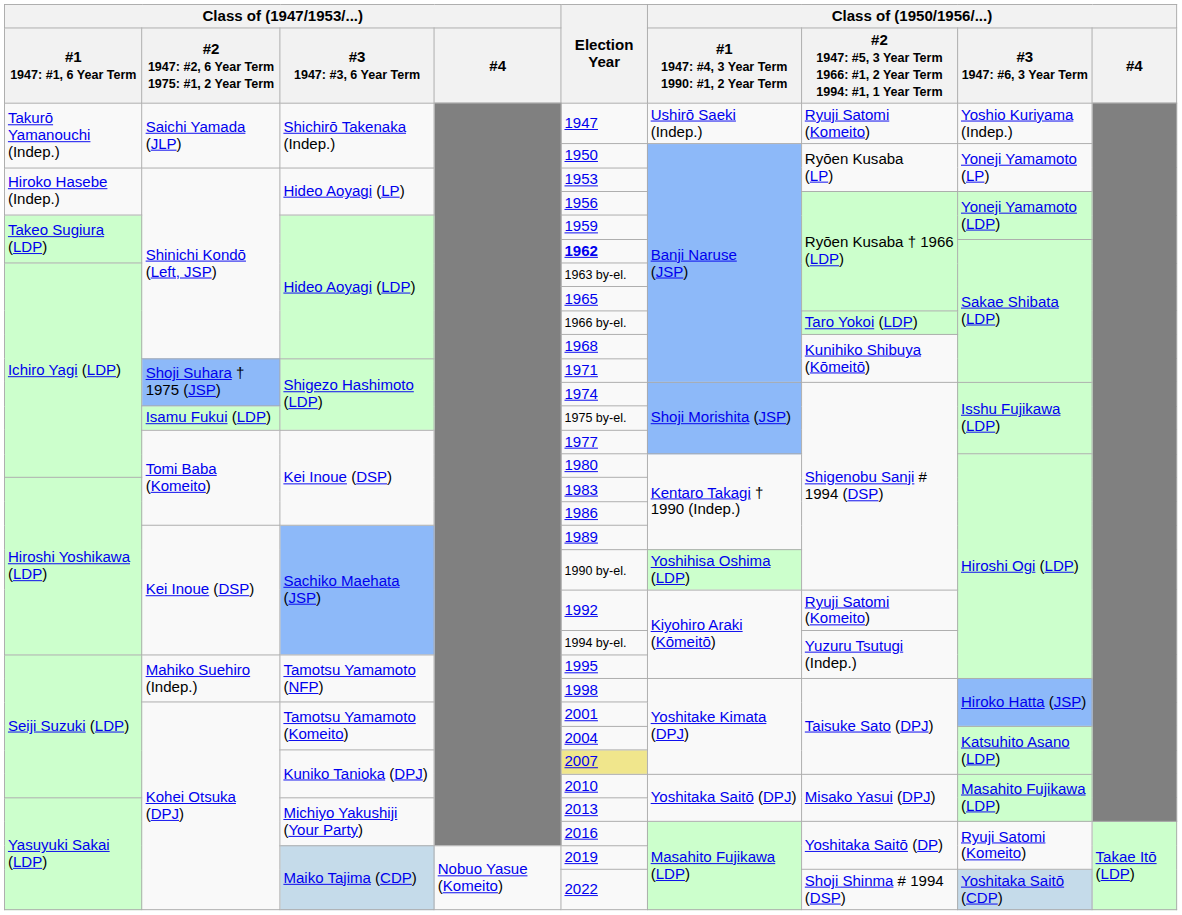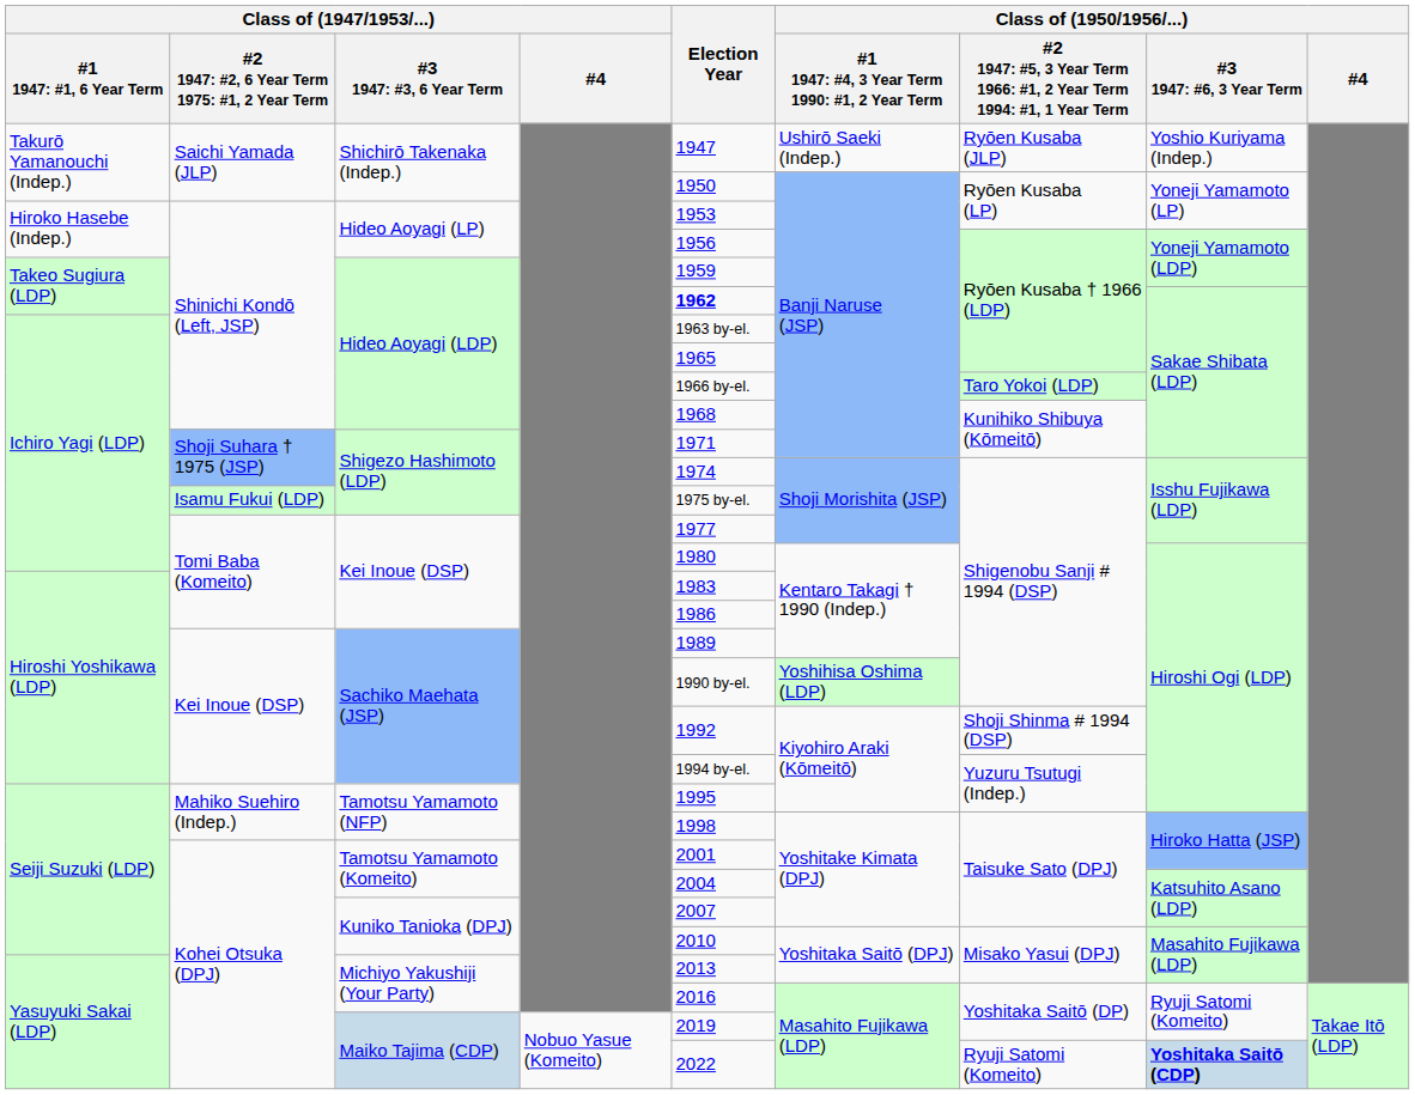 <table class="wikitable">
 <tr>
 <th colspan="4">Class of (1947/1953/...)</th>
 <th rowspan="2">Election Year</th>
 <th colspan="4">Class of (1950/1956/...)</th>
 </tr>
 <tr>
 <th>#1<br><small>1947: #1, 6 Year Term</small></th>
 <th>#2<br><small>1947: #2, 6 Year Term</small><br><small>1975: #1, 2 Year Term</small></th>
 <th>#3<br><small>1947: #3, 6 Year Term</small></th>
 <th>#4</th>
 <th>#1<br><small>1947: #4, 3 Year Term</small><br><small>1990: #1, 2 Year Term</small></th>
 <th>#2<br><small>1947: #5, 3 Year Term</small><br><small>1966: #1, 2 Year Term</small><br><small>1994: #1, 1 Year Term</small></th>
 <th>#3<br><small>1947: #6, 3 Year Term</small></th>
 <th>#4</th>
 </tr>
 <tr>
 <td rowspan="2"><a href='#'>Takurō Yamanouchi</a><br>(Indep.)</td>
 <td rowspan="2"><a href='#'>Saichi Yamada</a><br>(<a href='#'>JLP</a>)</td>
 <td rowspan="2"><a href='#'>Shichirō Takenaka</a><br>(Indep.)</td>
 <td rowspan="29" bgcolor="grey"></td>
 <td><a href='#'>1947</a></td>
 <td><a href='#'>Ushirō Saeki</a><br>(Indep.)</td>
-<td><a href='#'>Ryuji Satomi</a> (<a href='#'>Komeito</a>)</td>
+<td><a href='#'>Ryōen Kusaba</a><br>(<a href='#'>JLP</a>)</td>
 <td><a href='#'>Yoshio Kuriyama</a><br>(Indep.)</td>
 <td rowspan="28" bgcolor="grey"></td>
 </tr>
 <tr>
 <td><a href='#'>1950</a></td>
 <td rowspan="10" bgcolor="#8db9f9"><a href='#'>Banji Naruse</a><br>(<a href='#'>JSP</a>)</td>
 <td rowspan="2">Ryōen Kusaba<br>(<a href='#'>LP</a>)</td>
 <td rowspan="2"><a href='#'>Yoneji Yamamoto</a><br>(<a href='#'>LP</a>)</td>
 </tr>
 <tr>
 <td rowspan="2"><a href='#'>Hiroko Hasebe</a> (Indep.)</td>
 <td rowspan="8"><a href='#'>Shinichi Kondō</a><br>(<a href='#'>Left, JSP</a>)</td>
 <td rowspan="2"><a href='#'>Hideo Aoyagi</a> (<a href='#'>LP</a>)</td>
 <td><a href='#'>1953</a></td>
 </tr>
 <tr>
 <td><a href='#'>1956</a></td>
 <td rowspan="5" bgcolor="#ccffcc">Ryōen Kusaba † 1966<br>(<a href='#'>LDP</a>)</td>
 <td rowspan="2" bgcolor="#ccffcc"><a href='#'>Yoneji Yamamoto</a><br>(<a href='#'>LDP</a>)</td>
 </tr>
 <tr>
 <td rowspan="2" bgcolor="#ccffcc"><a href='#'>Takeo Sugiura</a> (<a href='#'>LDP</a>)</td>
 <td rowspan="6" bgcolor="#ccffcc"><a href='#'>Hideo Aoyagi</a> (<a href='#'>LDP</a>)</td>
 <td><a href='#'>1959</a></td>
 </tr>
 <tr>
 <td><strong><a href='#'>1962</a></strong></td>
 <td rowspan="6" bgcolor="#ccffcc"><a href='#'>Sakae Shibata</a> (<a href='#'>LDP</a>)</td>
 </tr>
 <tr>
 <td rowspan="9" bgcolor="#ccffcc"><a href='#'>Ichiro Yagi</a> (<a href='#'>LDP</a>)</td>
 <td><small>1963 by-el.</small></td>
 </tr>
 <tr>
 <td><a href='#'>1965</a></td>
 </tr>
 <tr>
 <td><small>1966 by-el.</small></td>
 <td bgcolor="#ccffcc"><a href='#'>Taro Yokoi</a> (<a href='#'>LDP</a>)</td>
 </tr>
 <tr>
 <td><a href='#'>1968</a></td>
 <td rowspan="2"><a href='#'>Kunihiko Shibuya</a> (<a href='#'>Kōmeitō</a>)</td>
 </tr>
 <tr>
 <td rowspan="2" bgcolor="#8db9f9"><a href='#'>Shoji Suhara</a> † 1975 (<a href='#'>JSP</a>)</td>
 <td rowspan="3" bgcolor="#ccffcc"><a href='#'>Shigezo Hashimoto</a> (<a href='#'>LDP</a>)</td>
 <td><a href='#'>1971</a></td>
 </tr>
 <tr>
 <td><a href='#'>1974</a></td>
 <td rowspan="3" bgcolor="#8db9f9"><a href='#'>Shoji Morishita</a> (<a href='#'>JSP</a>)</td>
 <td rowspan="8"><a href='#'>Shigenobu Sanji</a> # 1994 (<a href='#'>DSP</a>)</td>
 <td rowspan="3" bgcolor="#ccffcc"><a href='#'>Isshu Fujikawa</a> (<a href='#'>LDP</a>)</td>
 </tr>
 <tr>
 <td bgcolor="#ccffcc"><a href='#'>Isamu Fukui</a> (<a href='#'>LDP</a>)</td>
 <td><small>1975 by-el.</small></td>
 </tr>
 <tr>
 <td rowspan="4"><a href='#'>Tomi Baba</a> (<a href='#'>Komeito</a>)</td>
 <td rowspan="4"><a href='#'>Kei Inoue</a> (<a href='#'>DSP</a>)</td>
 <td><a href='#'>1977</a></td>
 </tr>
 <tr>
 <td><a href='#'>1980</a></td>
 <td rowspan="4"><a href='#'>Kentaro Takagi</a> † 1990 (Indep.)</td>
 <td rowspan="8" bgcolor="#ccffcc"><a href='#'>Hiroshi Ogi</a>  (<a href='#'>LDP</a>)</td>
 </tr>
 <tr>
 <td rowspan="6" bgcolor="#ccffcc"><a href='#'>Hiroshi Yoshikawa</a> (<a href='#'>LDP</a>)</td>
 <td><a href='#'>1983</a></td>
 </tr>
 <tr>
 <td><a href='#'>1986</a></td>
 </tr>
 <tr>
 <td rowspan="4"><a href='#'>Kei Inoue</a> (<a href='#'>DSP</a>)</td>
 <td rowspan="4" bgcolor="#8db9f9"><a href='#'>Sachiko Maehata</a> (<a href='#'>JSP</a>)</td>
 <td><a href='#'>1989</a></td>
 </tr>
 <tr>
 <td><small>1990 by-el.</small></td>
 <td bgcolor="#ccffcc"><a href='#'>Yoshihisa Oshima</a> (<a href='#'>LDP</a>)</td>
 </tr>
 <tr>
 <td><a href='#'>1992</a></td>
 <td rowspan="3"><a href='#'>Kiyohiro Araki</a> (<a href='#'>Kōmeitō</a>)</td>
-<td><a href='#'>Ryuji Satomi</a> (<a href='#'>Komeito</a>)</td>
+<td><a href='#'>Shoji Shinma</a> # 1994 (<a href='#'>DSP</a>)</td>
 </tr>
 <tr>
 <td><small>1994 by-el.</small></td>
 <td rowspan="2"><a href='#'>Yuzuru Tsutugi</a> (Indep.)</td>
 </tr>
 <tr>
 <td rowspan="6" bgcolor="#ccffcc"><a href='#'>Seiji Suzuki</a> (<a href='#'>LDP</a>)</td>
 <td rowspan="2"><a href='#'>Mahiko Suehiro</a> (Indep.)</td>
 <td rowspan="2"><a href='#'>Tamotsu Yamamoto</a> (<a href='#'>NFP</a>)</td>
 <td><a href='#'>1995</a></td>
 </tr>
 <tr>
 <td><a href='#'>1998</a></td>
 <td rowspan="4"><a href='#'>Yoshitake Kimata</a> (<a href='#'>DPJ</a>)</td>
 <td rowspan="4"><a href='#'>Taisuke Sato</a> (<a href='#'>DPJ</a>)</td>
 <td rowspan="2" bgcolor="#8db9f9"><a href='#'>Hiroko Hatta</a> (<a href='#'>JSP</a>)</td>
 </tr>
 <tr>
 <td rowspan="8"><a href='#'>Kohei Otsuka</a> (<a href='#'>DPJ</a>)</td>
 <td rowspan="2"><a href='#'>Tamotsu Yamamoto</a> (<a href='#'>Komeito</a>)</td>
 <td><a href='#'>2001</a></td>
 </tr>
 <tr>
 <td><a href='#'>2004</a></td>
 <td rowspan="2" bgcolor="#ccffcc"><a href='#'>Katsuhito Asano</a> (<a href='#'>LDP</a>)</td>
 </tr>
 <tr>
 <td rowspan="2"><a href='#'>Kuniko Tanioka</a> (<a href='#'>DPJ</a>)</td>
-<td style="background: khaki;"><a href='#'>2007</a></td>
+<td><a href='#'>2007</a></td>
 </tr>
 <tr>
 <td><a href='#'>2010</a></td>
 <td rowspan="2"><a href='#'>Yoshitaka Saitō</a> (<a href='#'>DPJ</a>)</td>
 <td rowspan="2"><a href='#'>Misako Yasui</a> (<a href='#'>DPJ</a>)</td>
 <td rowspan="2" bgcolor="#ccffcc"><a href='#'>Masahito Fujikawa</a> (<a href='#'>LDP</a>)</td>
 </tr>
 <tr>
 <td rowspan="4" bgcolor="#ccffcc"><a href='#'>Yasuyuki Sakai</a> (<a href='#'>LDP</a>)</td>
 <td rowspan="2"><a href='#'>Michiyo Yakushiji</a> (<a href='#'>Your Party</a>)</td>
 <td><a href='#'>2013</a></td>
 </tr>
 <tr>
 <td><a href='#'>2016</a></td>
 <td rowspan="3" bgcolor="#ccffcc"><a href='#'>Masahito Fujikawa</a> (<a href='#'>LDP</a>)</td>
 <td rowspan="2"><a href='#'>Yoshitaka Saitō</a> (<a href='#'>DP</a>)</td>
 <td rowspan="2"><a href='#'>Ryuji Satomi</a> (<a href='#'>Komeito</a>)</td>
 <td rowspan="3" bgcolor="#ccffcc"><a href='#'>Takae Itō</a> (<a href='#'>LDP</a>)</td>
 </tr>
 <tr>
 <td rowspan="2" bgcolor="#c5dbea"><a href='#'>Maiko Tajima</a> (<a href='#'>CDP</a>)</td>
 <td rowspan="2"><a href='#'>Nobuo Yasue</a> (<a href='#'>Komeito</a>)</td>
 <td><a href='#'>2019</a></td>
 </tr>
 <tr>
 <td><a href='#'>2022</a></td>
-<td><a href='#'>Shoji Shinma</a> # 1994 (<a href='#'>DSP</a>)</td>
-<td bgcolor="#c5dbea"><a href='#'>Yoshitaka Saitō</a> (<a href='#'>CDP</a>)</td>
+<td><a href='#'>Ryuji Satomi</a> (<a href='#'>Komeito</a>)</td>
+<td bgcolor="#c5dbea"><strong><a href='#'>Yoshitaka Saitō</a> (<a href='#'>CDP</a>)</strong></td>
 </tr>
 </table>
